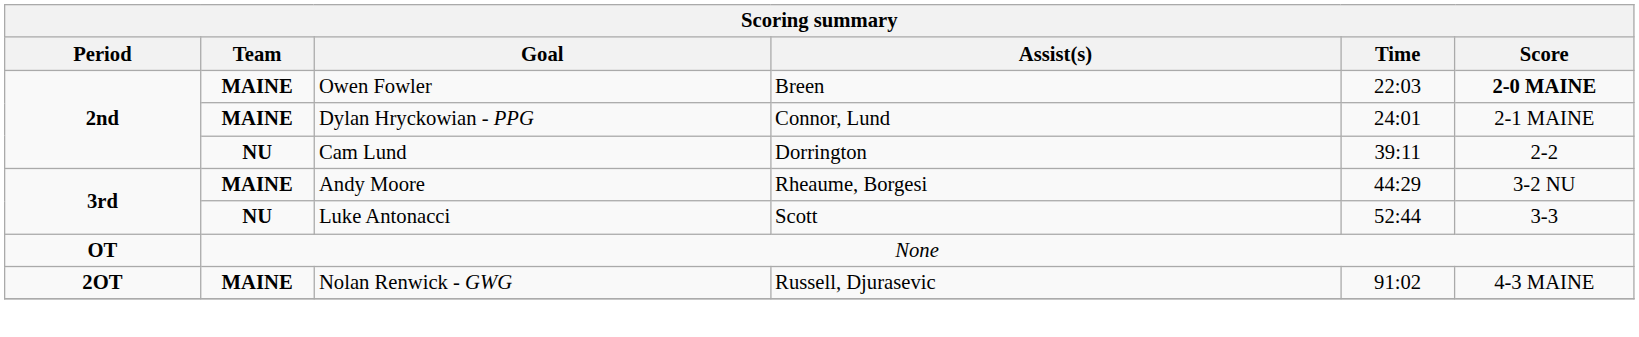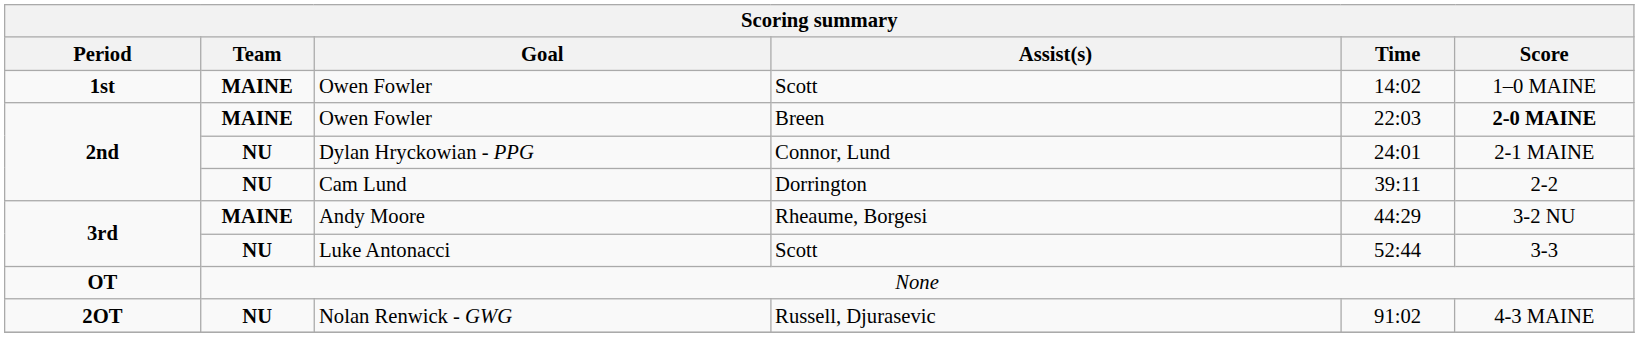 <table style="width:100%;" class="wikitable">
 <tr>
 <th colspan=6>Scoring summary</th>
 </tr>
 <tr>
 <th style="width:12%;">Period</th>
 <th style="width:7%;">Team</th>
 <th style="width:28%;">Goal</th>
 <th style="width:35%;">Assist(s)</th>
 <th style="width:7%;">Time</th>
 <th style="width:11%;">Score</th>
 </tr>
 <tr>
+<td style="text-align:center;" rowspan="1"><strong>1st</strong></td>
+<td align=center><strong>MAINE</strong></td>
+<td>Owen Fowler</td>
+<td>Scott</td>
+<td align=center>14:02</td>
+<td align=center>1–0 MAINE</td>
+</tr>
+<tr>
 <td style="text-align:center;" rowspan="3"><strong>2nd</strong></td>
 <td align=center><strong>MAINE</strong></td>
 <td>Owen Fowler</td>
 <td>Breen</td>
 <td align=center>22:03</td>
 <td align=center><strong>2-0 MAINE</strong></td>
 </tr>
 <tr>
-<td align=center><strong>MAINE</strong></td>
+<td align=center><strong>NU</strong></td>
 <td>Dylan Hryckowian - <em>PPG</em></td>
 <td>Connor, Lund</td>
 <td align=center>24:01</td>
 <td align=center>2-1 MAINE</td>
 </tr>
 <tr>
 <td align=center><strong>NU</strong></td>
 <td>Cam Lund</td>
 <td>Dorrington</td>
 <td align=center>39:11</td>
 <td align=center>2-2</td>
 </tr>
 <tr>
 <td style="text-align:center;" rowspan="2"><strong>3rd</strong></td>
 <td align=center><strong>MAINE</strong></td>
 <td>Andy Moore</td>
 <td>Rheaume, Borgesi</td>
 <td align=center>44:29</td>
 <td align=center>3-2 NU</td>
 </tr>
 <tr>
 <td align=center><strong>NU</strong></td>
 <td>Luke Antonacci</td>
 <td>Scott</td>
 <td align=center>52:44</td>
 <td align=center>3-3</td>
 </tr>
 <tr>
 <td style="text-align:center;" rowspan="1"><strong>OT</strong></td>
 <td style="text-align:center;" colspan="5"><em>None</em></td>
 </tr>
 <tr>
 <td style="text-align:center;" rowspan="1"><strong>2OT</strong></td>
-<td align=center><strong>MAINE</strong></td>
+<td align=center><strong>NU</strong></td>
 <td>Nolan Renwick - <em>GWG</em></td>
 <td>Russell, Djurasevic</td>
 <td align=center>91:02</td>
 <td align=center>4-3 MAINE</td>
 </tr>
 <tr>
 </tr>
 </table>
